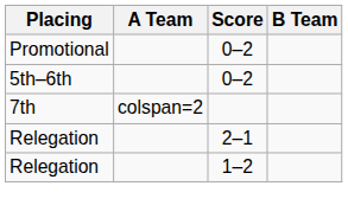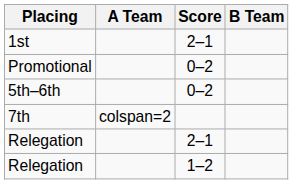 <table class=wikitable style="border:1px solid #AAAAAA;">
 <tr>
 <th>Placing</th>
 <th>A Team</th>
 <th>Score</th>
 <th>B Team</th>
+</tr>
+<tr>
+<td>1st</td>
+<td><strong></strong></td>
+<td align="center">2–1</td>
+<td></td>
 </tr>
 <tr>
 <td>Promotional</td>
 <td></td>
 <td align="center">0–2</td>
 <td><strong></strong></td>
 </tr>
 <tr>
 <td>5th–6th</td>
 <td></td>
 <td align="center">0–2</td>
 <td><strong></strong></td>
 </tr>
 <tr>
 <td>7th</td>
 <td>colspan=2 </td>
 <td></td>
 </tr>
 <tr>
 <td>Relegation</td>
 <td><strong></strong></td>
 <td align="center">2–1</td>
 <td></td>
 </tr>
 <tr>
 <td>Relegation</td>
 <td></td>
 <td align="center">1–2</td>
 <td><strong></strong></td>
 </tr>
 </table>
